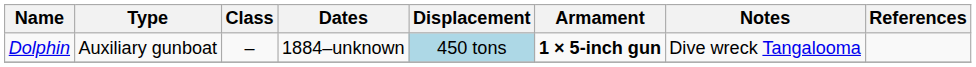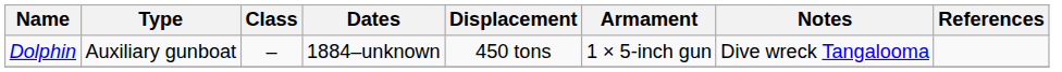 <table class="wikitable" style="text-align: center">
 <tr>
 <th>Name</th>
 <th>Type</th>
 <th>Class</th>
 <th>Dates</th>
 <th>Displacement</th>
 <th>Armament</th>
 <th>Notes</th>
 <th>References</th>
 </tr>
 <tr>
 <td><a href='#'><em>Dolphin</em></a></td>
 <td>Auxiliary gunboat</td>
 <td>–</td>
 <td>1884–unknown</td>
-<td style="background: lightblue;">450 tons</td>
-<td><strong>1 × 5-inch gun</strong></td>
+<td>450 tons</td>
+<td>1 × 5-inch gun</td>
 <td>Dive wreck <a href='#'>Tangalooma</a></td>
 <td></td>
 </tr>
 <tr>
 </tr>
 </table>
